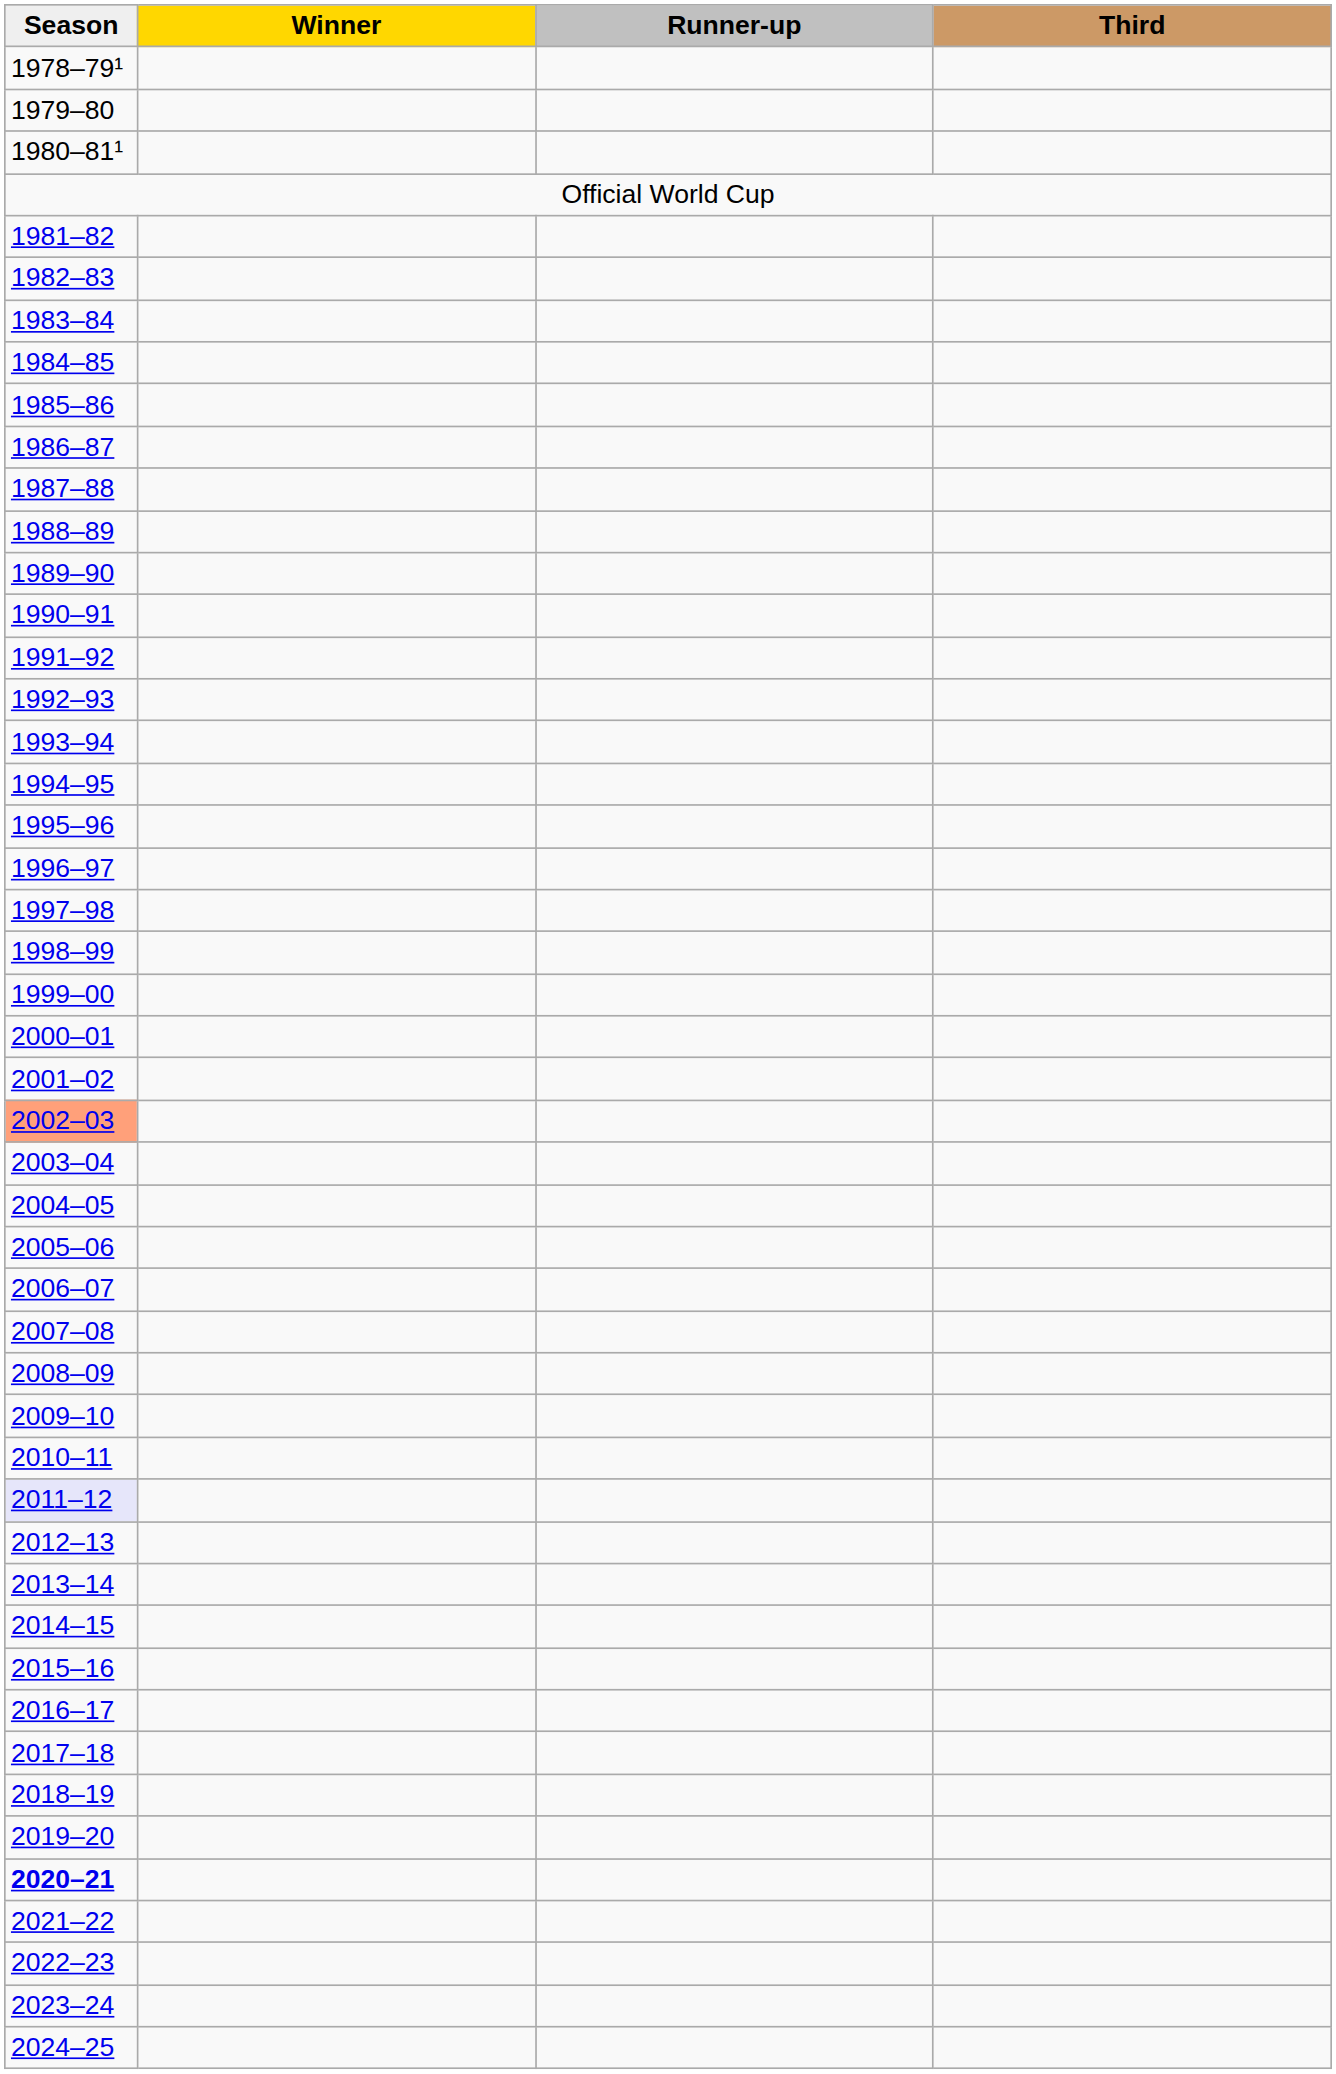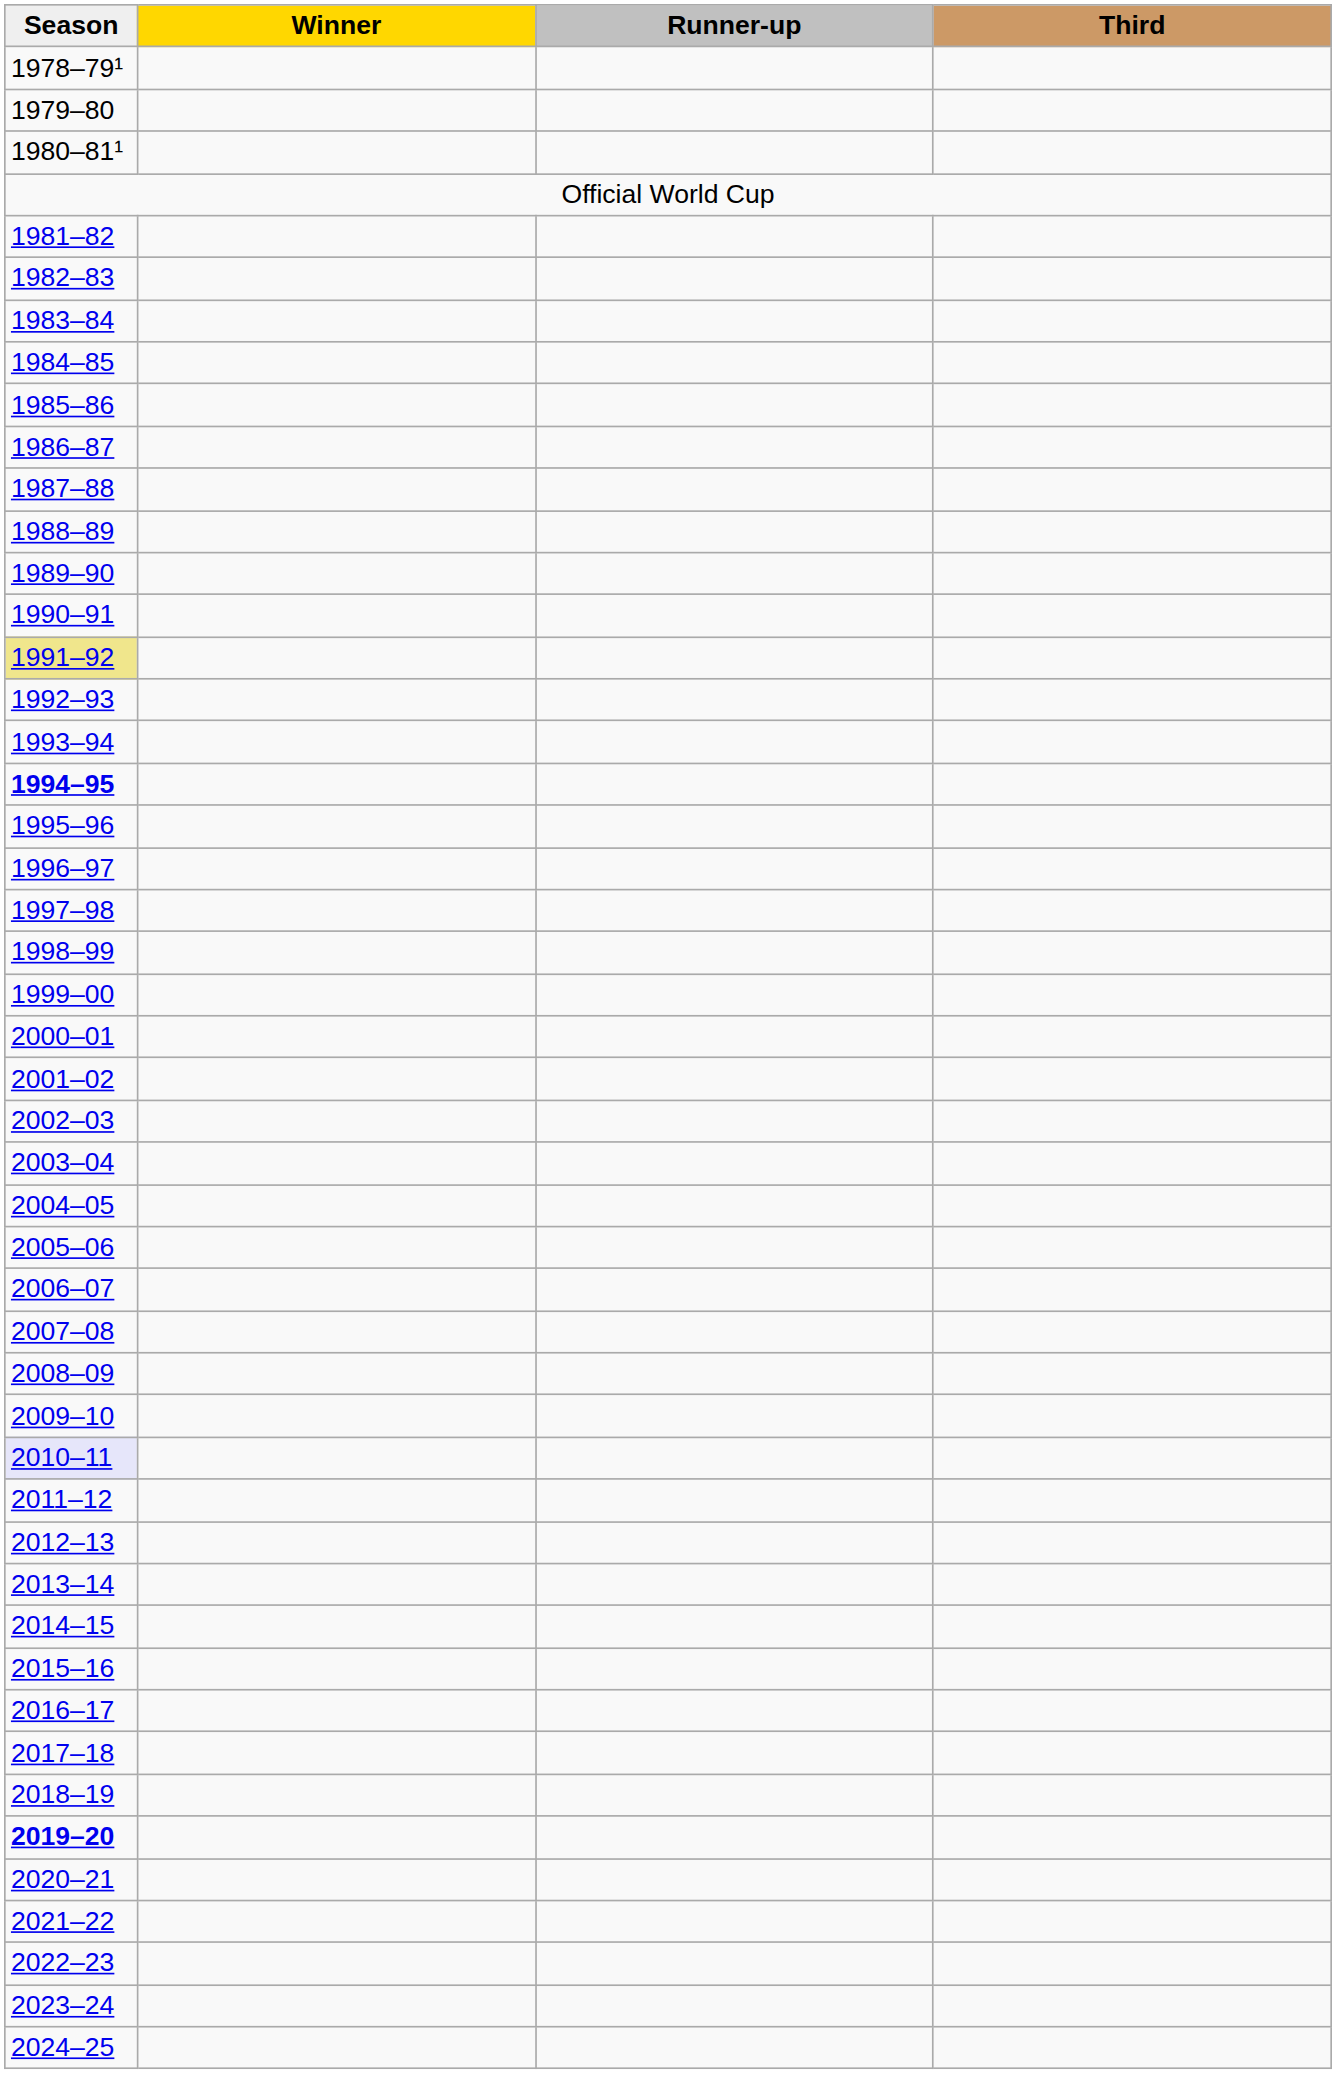 <table class="wikitable sortable" style="width:800px;">
 <tr>
 <th style="width:10%; background:#efefef;">Season</th>
 <th style="width:30%; background:gold">Winner</th>
 <th style="width:30%; background:silver">Runner-up</th>
 <th style="width:30%; background:#CC9966">Third</th>
 </tr>
 <tr>
 <td>1978–79¹</td>
 <td><em></em></td>
 <td><em></em></td>
 <td><em></em></td>
 </tr>
 <tr>
 <td>1979–80</td>
 <td></td>
 <td></td>
 <td></td>
 </tr>
 <tr>
 <td>1980–81¹</td>
 <td><em></em></td>
 <td><em></em></td>
 <td><em></em></td>
 </tr>
 <tr>
 <td align=center colspan=4>Official World Cup</td>
 </tr>
 <tr>
 <td><a href='#'>1981–82</a></td>
 <td></td>
 <td></td>
 <td></td>
 </tr>
 <tr>
 <td><a href='#'>1982–83</a></td>
 <td></td>
 <td></td>
 <td></td>
 </tr>
 <tr>
 <td><a href='#'>1983–84</a></td>
 <td></td>
 <td></td>
 <td></td>
 </tr>
 <tr>
 <td><a href='#'>1984–85</a></td>
 <td></td>
 <td></td>
 <td></td>
 </tr>
 <tr>
 <td><a href='#'>1985–86</a></td>
 <td></td>
 <td></td>
 <td></td>
 </tr>
 <tr>
 <td><a href='#'>1986–87</a></td>
 <td></td>
 <td></td>
 <td></td>
 </tr>
 <tr>
 <td><a href='#'>1987–88</a></td>
 <td></td>
 <td></td>
 <td></td>
 </tr>
 <tr>
 <td><a href='#'>1988–89</a></td>
 <td></td>
 <td></td>
 <td></td>
 </tr>
 <tr>
 <td><a href='#'>1989–90</a></td>
 <td></td>
 <td></td>
 <td></td>
 </tr>
 <tr>
 <td><a href='#'>1990–91</a></td>
 <td></td>
 <td></td>
 <td></td>
 </tr>
 <tr>
-<td><a href='#'>1991–92</a></td>
+<td style="background: khaki;"><a href='#'>1991–92</a></td>
 <td></td>
 <td></td>
 <td></td>
 </tr>
 <tr>
 <td><a href='#'>1992–93</a></td>
 <td></td>
 <td></td>
 <td></td>
 </tr>
 <tr>
 <td><a href='#'>1993–94</a></td>
 <td></td>
 <td></td>
 <td></td>
 </tr>
 <tr>
-<td><a href='#'>1994–95</a></td>
+<td><strong><a href='#'>1994–95</a></strong></td>
 <td></td>
 <td></td>
 <td></td>
 </tr>
 <tr>
 <td><a href='#'>1995–96</a></td>
 <td></td>
 <td></td>
 <td></td>
 </tr>
 <tr>
 <td><a href='#'>1996–97</a></td>
 <td></td>
 <td></td>
 <td></td>
 </tr>
 <tr>
 <td><a href='#'>1997–98</a></td>
 <td></td>
 <td></td>
 <td></td>
 </tr>
 <tr>
 <td><a href='#'>1998–99</a></td>
 <td></td>
 <td></td>
 <td></td>
 </tr>
 <tr>
 <td><a href='#'>1999–00</a></td>
 <td></td>
 <td></td>
 <td></td>
 </tr>
 <tr>
 <td><a href='#'>2000–01</a></td>
 <td></td>
 <td></td>
 <td></td>
 </tr>
 <tr>
 <td><a href='#'>2001–02</a></td>
 <td></td>
 <td></td>
 <td></td>
 </tr>
 <tr>
-<td style="background: lightsalmon;"><a href='#'>2002–03</a></td>
+<td><a href='#'>2002–03</a></td>
 <td></td>
 <td></td>
 <td></td>
 </tr>
 <tr>
 <td><a href='#'>2003–04</a></td>
 <td></td>
 <td></td>
 <td></td>
 </tr>
 <tr>
 <td><a href='#'>2004–05</a></td>
 <td></td>
 <td></td>
 <td></td>
 </tr>
 <tr>
 <td><a href='#'>2005–06</a></td>
 <td></td>
 <td></td>
 <td></td>
 </tr>
 <tr>
 <td><a href='#'>2006–07</a></td>
 <td></td>
 <td></td>
 <td></td>
 </tr>
 <tr>
 <td><a href='#'>2007–08</a></td>
 <td></td>
 <td></td>
 <td></td>
 </tr>
 <tr>
 <td><a href='#'>2008–09</a></td>
 <td></td>
 <td></td>
 <td></td>
 </tr>
 <tr>
 <td><a href='#'>2009–10</a></td>
 <td></td>
 <td></td>
 <td></td>
 </tr>
 <tr>
-<td><a href='#'>2010–11</a></td>
+<td style="background: lavender;"><a href='#'>2010–11</a></td>
 <td></td>
 <td></td>
 <td></td>
 </tr>
 <tr>
-<td style="background: lavender;"><a href='#'>2011–12</a></td>
+<td><a href='#'>2011–12</a></td>
 <td></td>
 <td></td>
 <td></td>
 </tr>
 <tr>
 <td><a href='#'>2012–13</a></td>
 <td></td>
 <td></td>
 <td></td>
 </tr>
 <tr>
 <td><a href='#'>2013–14</a></td>
 <td></td>
 <td></td>
 <td></td>
 </tr>
 <tr>
 <td><a href='#'>2014–15</a></td>
 <td></td>
 <td></td>
 <td></td>
 </tr>
 <tr>
 <td><a href='#'>2015–16</a></td>
 <td></td>
 <td></td>
 <td></td>
 </tr>
 <tr>
 <td><a href='#'>2016–17</a></td>
 <td></td>
 <td></td>
 <td></td>
 </tr>
 <tr>
 <td><a href='#'>2017–18</a></td>
 <td></td>
 <td></td>
 <td></td>
 </tr>
 <tr>
 <td><a href='#'>2018–19</a></td>
 <td></td>
 <td></td>
 <td></td>
 </tr>
 <tr>
-<td><a href='#'>2019–20</a></td>
+<td><strong><a href='#'>2019–20</a></strong></td>
 <td></td>
 <td></td>
 <td></td>
 </tr>
 <tr>
-<td><strong><a href='#'>2020–21</a></strong></td>
+<td><a href='#'>2020–21</a></td>
 <td></td>
 <td></td>
 <td></td>
 </tr>
 <tr>
 <td><a href='#'>2021–22</a></td>
 <td></td>
 <td></td>
 <td></td>
 </tr>
 <tr>
 <td><a href='#'>2022–23</a></td>
 <td></td>
 <td></td>
 <td></td>
 </tr>
 <tr>
 <td><a href='#'>2023–24</a></td>
 <td></td>
 <td></td>
 <td></td>
 </tr>
 <tr>
 <td><a href='#'>2024–25</a></td>
 <td></td>
 <td></td>
 <td></td>
 </tr>
 </table>
